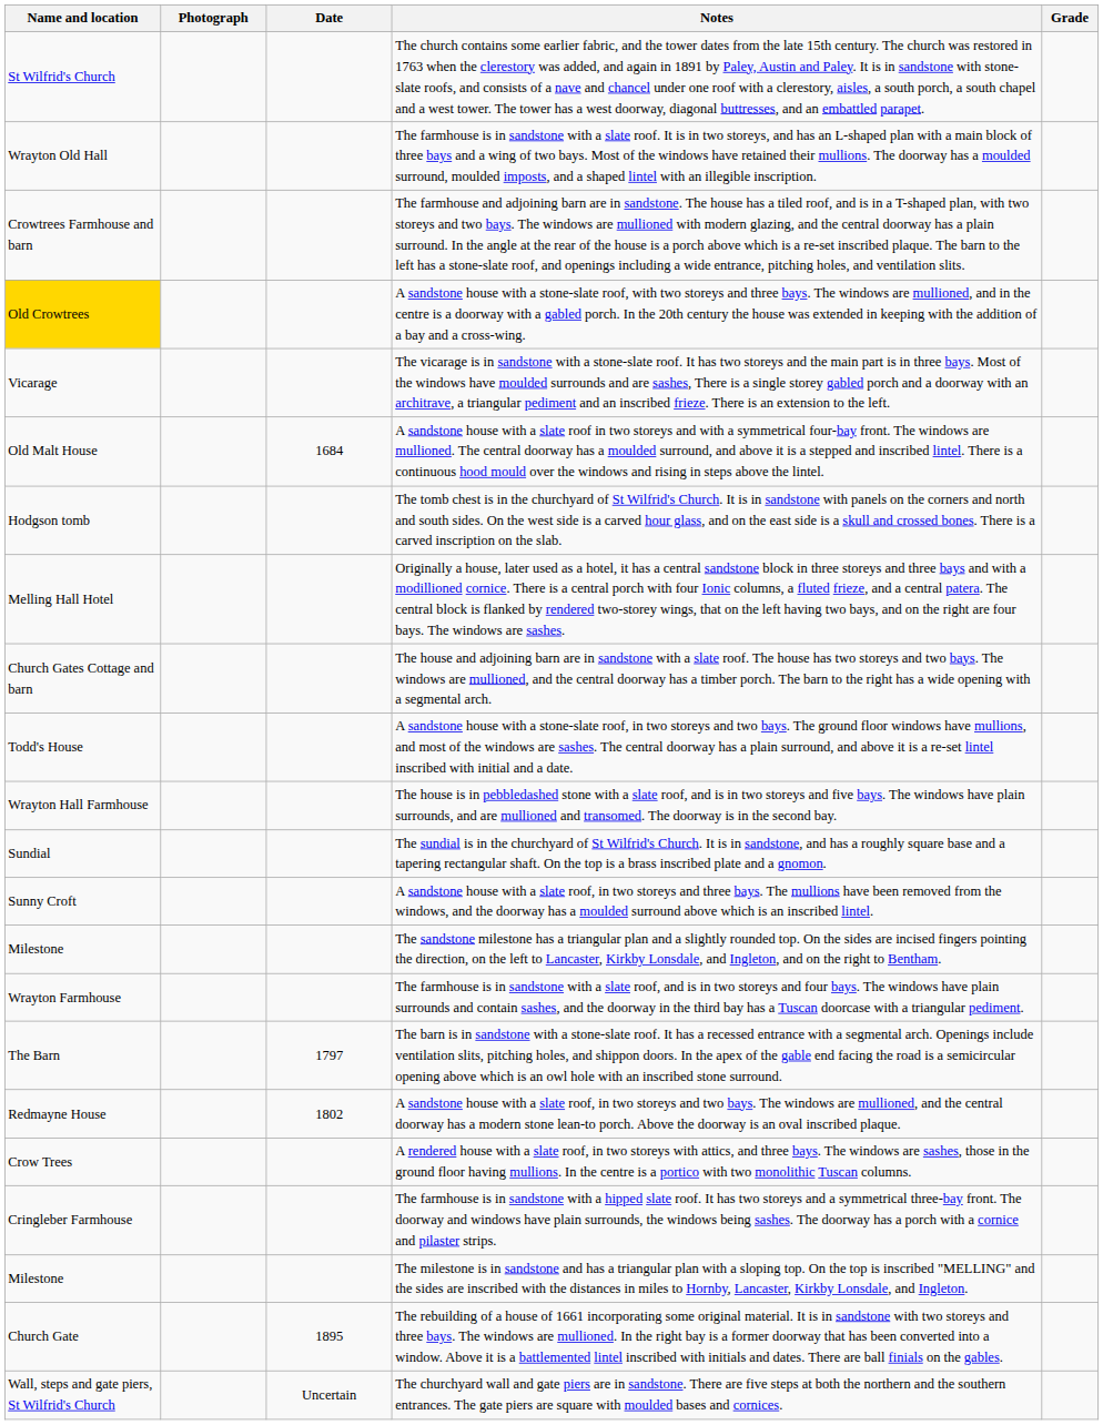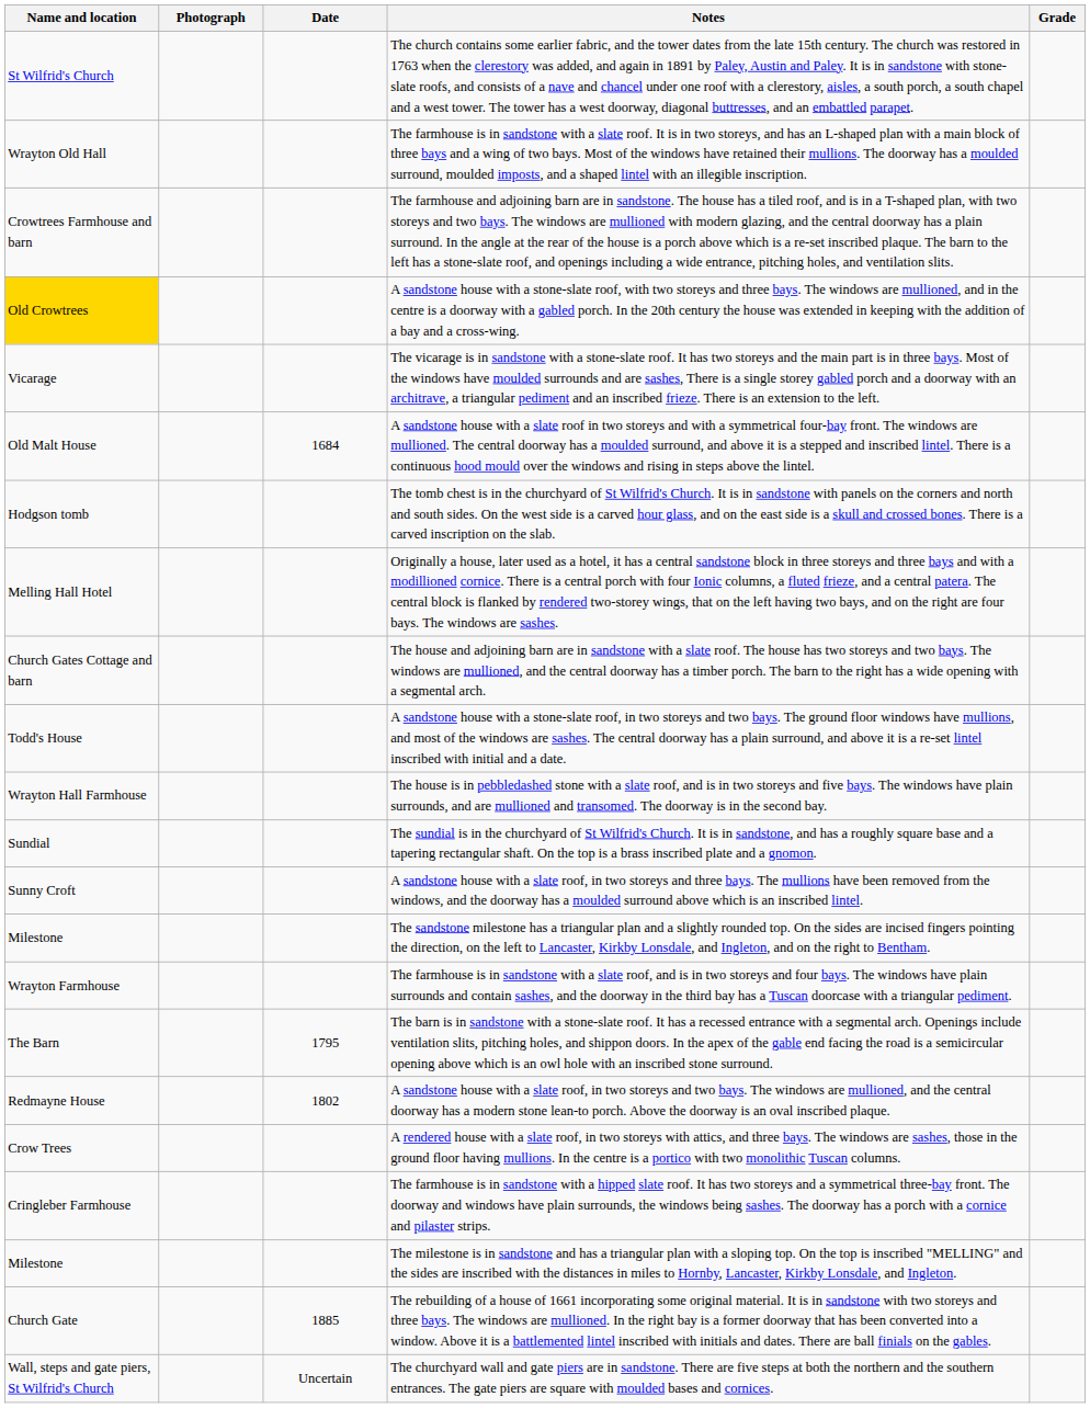 <table class="wikitable sortable plainrowheaders" style="width:100%;border:0px;text-align:left;line-height:150%;">
 <tr>
 <th scope="col"  style="width:150px">Name and location</th>
 <th scope="col"  style="width:100px" class="unsortable">Photograph</th>
 <th scope="col"  style="width:120px">Date</th>
 <th scope="col"  style="width:650px" class="unsortable">Notes</th>
 <th scope="col"  style="width:50px">Grade</th>
 </tr>
 <tr>
 <td><a href='#'>St Wilfrid's Church</a><br><small></small></td>
 <td></td>
 <td align="center"></td>
 <td>The church contains some earlier fabric, and the tower dates from the late 15th century.  The church was restored in 1763 when the <a href='#'>clerestory</a> was added, and again in 1891 by <a href='#'>Paley, Austin and Paley</a>.  It is in <a href='#'>sandstone</a> with stone-slate roofs, and consists of a <a href='#'>nave</a> and <a href='#'>chancel</a> under one roof with a clerestory, <a href='#'>aisles</a>, a south porch, a south chapel and a west tower.  The tower has a west doorway, diagonal <a href='#'>buttresses</a>, and an <a href='#'>embattled</a> <a href='#'>parapet</a>.</td>
 <td align="center" ></td>
 </tr>
 <tr>
 <td>Wrayton Old Hall<br><small></small></td>
 <td></td>
 <td align="center"></td>
 <td>The farmhouse is in <a href='#'>sandstone</a> with a <a href='#'>slate</a> roof.  It is in two storeys, and has an L-shaped plan with a main block of three <a href='#'>bays</a> and a wing of two bays.  Most of the windows have retained their <a href='#'>mullions</a>.  The doorway has a <a href='#'>moulded</a> surround, moulded <a href='#'>imposts</a>, and a shaped <a href='#'>lintel</a> with an illegible inscription.</td>
 <td align="center" ></td>
 </tr>
 <tr>
 <td>Crowtrees Farmhouse and barn<br><small></small></td>
 <td></td>
 <td align="center"></td>
 <td>The farmhouse and adjoining barn are in <a href='#'>sandstone</a>.  The house has a tiled roof, and is in a T-shaped plan, with two storeys and two <a href='#'>bays</a>.  The windows are <a href='#'>mullioned</a> with modern glazing, and the central doorway has a plain surround.  In the angle at the rear of the house is a porch above which is a re-set inscribed plaque.  The barn to the left has a stone-slate roof, and openings including a wide entrance, pitching holes, and ventilation slits.</td>
 <td align="center" ></td>
 </tr>
 <tr>
 <td style="background: gold;">Old Crowtrees<br><small></small></td>
 <td></td>
 <td align="center"></td>
 <td>A <a href='#'>sandstone</a> house with a stone-slate roof, with two storeys and three <a href='#'>bays</a>.  The windows are <a href='#'>mullioned</a>, and in the centre is a doorway with a <a href='#'>gabled</a> porch.  In the 20th century the house was extended in keeping with the addition of a bay and a cross-wing.</td>
 <td align="center" ></td>
 </tr>
 <tr>
 <td>Vicarage<br><small></small></td>
 <td></td>
 <td align="center"></td>
 <td>The vicarage is in <a href='#'>sandstone</a> with a stone-slate roof.  It has two storeys and the main part is in three <a href='#'>bays</a>.  Most of the windows have <a href='#'>moulded</a> surrounds and are <a href='#'>sashes</a>,  There is a single storey <a href='#'>gabled</a> porch and a doorway with an <a href='#'>architrave</a>, a triangular <a href='#'>pediment</a> and an inscribed <a href='#'>frieze</a>.  There is an extension to the left.</td>
 <td align="center" ></td>
 </tr>
 <tr>
 <td>Old Malt House<br><small></small></td>
 <td></td>
 <td align="center">1684</td>
 <td>A <a href='#'>sandstone</a> house with a <a href='#'>slate</a> roof in two storeys and with a symmetrical four-<a href='#'>bay</a> front.  The windows are <a href='#'>mullioned</a>.  The central doorway has a <a href='#'>moulded</a> surround, and above it is a stepped and inscribed <a href='#'>lintel</a>.  There is a continuous <a href='#'>hood mould</a> over the windows and rising in steps above the lintel.</td>
 <td align="center" ></td>
 </tr>
 <tr>
 <td>Hodgson tomb<br><small></small></td>
 <td></td>
 <td align="center"></td>
 <td>The tomb chest is in the churchyard of <a href='#'>St Wilfrid's Church</a>.  It is in <a href='#'>sandstone</a> with panels on the corners and north and south sides.  On the west side is a carved <a href='#'>hour glass</a>, and on the east side is a <a href='#'>skull and crossed bones</a>.  There is a carved inscription on the slab.</td>
 <td align="center" ></td>
 </tr>
 <tr>
 <td>Melling Hall Hotel<br><small></small></td>
 <td></td>
 <td align="center"></td>
 <td>Originally a house, later used as a hotel, it has a central <a href='#'>sandstone</a> block in three storeys and three <a href='#'>bays</a> and with a <a href='#'>modillioned</a> <a href='#'>cornice</a>.  There is a central porch with four <a href='#'>Ionic</a> columns, a <a href='#'>fluted</a> <a href='#'>frieze</a>, and a central <a href='#'>patera</a>.  The central block is flanked by <a href='#'>rendered</a> two-storey wings, that on the left having two bays, and on the right are four bays.  The windows are <a href='#'>sashes</a>.</td>
 <td align="center" ></td>
 </tr>
 <tr>
 <td>Church Gates Cottage and barn<br><small></small></td>
 <td></td>
 <td align="center"></td>
 <td>The house and adjoining barn are in <a href='#'>sandstone</a> with a <a href='#'>slate</a> roof.  The house has two storeys and two <a href='#'>bays</a>.  The windows are <a href='#'>mullioned</a>, and the central doorway has a timber porch.  The barn to the right has a wide opening with a segmental arch.</td>
 <td align="center" ></td>
 </tr>
 <tr>
 <td>Todd's House<br><small></small></td>
 <td></td>
 <td align="center"></td>
 <td>A <a href='#'>sandstone</a> house with a stone-slate roof, in two storeys and two <a href='#'>bays</a>.  The ground floor windows have <a href='#'>mullions</a>, and most of the windows are <a href='#'>sashes</a>.   The central doorway has a plain surround, and above it is a re-set <a href='#'>lintel</a> inscribed with initial and a date.</td>
 <td align="center" ></td>
 </tr>
 <tr>
 <td>Wrayton Hall Farmhouse<br><small></small></td>
 <td></td>
 <td align="center"></td>
 <td>The house is in <a href='#'>pebbledashed</a> stone with a <a href='#'>slate</a> roof, and is in two storeys and five <a href='#'>bays</a>.  The windows have plain surrounds, and are <a href='#'>mullioned</a> and <a href='#'>transomed</a>.  The doorway is in the second bay.</td>
 <td align="center" ></td>
 </tr>
 <tr>
 <td>Sundial<br><small></small></td>
 <td></td>
 <td align="center"></td>
 <td>The <a href='#'>sundial</a> is in the churchyard of <a href='#'>St Wilfrid's Church</a>.  It is in <a href='#'>sandstone</a>, and has a roughly square base and a tapering rectangular shaft.  On the top is a brass inscribed plate and a <a href='#'>gnomon</a>.</td>
 <td align="center" ></td>
 </tr>
 <tr>
 <td>Sunny Croft<br><small></small></td>
 <td></td>
 <td align="center"></td>
 <td>A <a href='#'>sandstone</a> house with a <a href='#'>slate</a> roof, in two storeys and three <a href='#'>bays</a>.  The <a href='#'>mullions</a> have been removed from the windows, and the doorway has a <a href='#'>moulded</a> surround above which is an inscribed <a href='#'>lintel</a>.</td>
 <td align="center" ></td>
 </tr>
 <tr>
 <td>Milestone<br><small></small></td>
 <td></td>
 <td align="center"></td>
 <td>The <a href='#'>sandstone</a> milestone has a triangular plan and a slightly rounded top.  On the sides are incised fingers pointing the direction, on the left to <a href='#'>Lancaster</a>, <a href='#'>Kirkby Lonsdale</a>, and <a href='#'>Ingleton</a>, and on the right to <a href='#'>Bentham</a>.</td>
 <td align="center" ></td>
 </tr>
 <tr>
 <td>Wrayton Farmhouse<br><small></small></td>
 <td></td>
 <td align="center"></td>
 <td>The farmhouse is in <a href='#'>sandstone</a> with a <a href='#'>slate</a> roof, and is in two storeys and four <a href='#'>bays</a>.  The windows have plain surrounds and contain <a href='#'>sashes</a>, and the doorway in the third bay has a <a href='#'>Tuscan</a> doorcase with a triangular <a href='#'>pediment</a>.</td>
 <td align="center" ></td>
 </tr>
 <tr>
 <td>The Barn<br><small></small></td>
 <td></td>
-<td align="center">1797</td>
+<td align="center">1795</td>
 <td>The barn is in <a href='#'>sandstone</a> with a stone-slate roof.  It has a recessed entrance with a segmental arch.  Openings include ventilation slits, pitching holes, and shippon doors.  In the apex of the <a href='#'>gable</a> end facing the road is a semicircular opening above which is an owl hole with an inscribed stone surround.</td>
 <td align="center" ></td>
 </tr>
 <tr>
 <td>Redmayne House<br><small></small></td>
 <td></td>
 <td align="center">1802</td>
 <td>A <a href='#'>sandstone</a> house with a <a href='#'>slate</a> roof, in two storeys and two <a href='#'>bays</a>.  The windows are <a href='#'>mullioned</a>, and the central doorway has a modern stone lean-to porch.  Above the doorway is an oval inscribed plaque.</td>
 <td align="center" ></td>
 </tr>
 <tr>
 <td>Crow Trees<br><small></small></td>
 <td></td>
 <td align="center"></td>
 <td>A <a href='#'>rendered</a> house with a <a href='#'>slate</a> roof, in two storeys with attics, and three <a href='#'>bays</a>.  The windows are <a href='#'>sashes</a>, those in the ground floor having <a href='#'>mullions</a>.  In the centre is a <a href='#'>portico</a> with two <a href='#'>monolithic</a> <a href='#'>Tuscan</a> columns.</td>
 <td align="center" ></td>
 </tr>
 <tr>
 <td>Cringleber Farmhouse<br><small></small></td>
 <td></td>
 <td align="center"></td>
 <td>The farmhouse is in <a href='#'>sandstone</a> with a <a href='#'>hipped</a> <a href='#'>slate</a> roof.  It has two storeys and a symmetrical three-<a href='#'>bay</a> front.  The doorway and windows have plain surrounds, the windows being <a href='#'>sashes</a>.  The doorway has a porch with a <a href='#'>cornice</a> and <a href='#'>pilaster</a> strips.</td>
 <td align="center" ></td>
 </tr>
 <tr>
 <td>Milestone<br><small></small></td>
 <td></td>
 <td align="center"></td>
 <td>The milestone is in <a href='#'>sandstone</a> and has a triangular plan with a sloping top.  On the top is inscribed "MELLING" and the sides are inscribed with the distances in miles to <a href='#'>Hornby</a>, <a href='#'>Lancaster</a>, <a href='#'>Kirkby Lonsdale</a>, and <a href='#'>Ingleton</a>.</td>
 <td align="center" ></td>
 </tr>
 <tr>
 <td>Church Gate<br><small></small></td>
 <td></td>
-<td align="center">1895</td>
+<td align="center">1885</td>
 <td>The rebuilding of a house of 1661 incorporating some original material.  It is in <a href='#'>sandstone</a> with two storeys and three <a href='#'>bays</a>.  The windows are <a href='#'>mullioned</a>.  In the right bay is a former doorway that has been converted into a window.  Above it is a <a href='#'>battlemented</a> <a href='#'>lintel</a> inscribed with initials and dates.  There are ball <a href='#'>finials</a> on the <a href='#'>gables</a>.</td>
 <td align="center" ></td>
 </tr>
 <tr>
 <td>Wall, steps and gate piers, <a href='#'>St Wilfrid's Church</a><br><small></small></td>
 <td></td>
 <td align="center">Uncertain</td>
 <td>The churchyard wall and gate <a href='#'>piers</a> are in <a href='#'>sandstone</a>.  There are five steps at both the northern and the southern entrances.  The gate piers are square with <a href='#'>moulded</a> bases and <a href='#'>cornices</a>.</td>
 <td align="center" ></td>
 </tr>
 <tr>
 </tr>
 </table>
